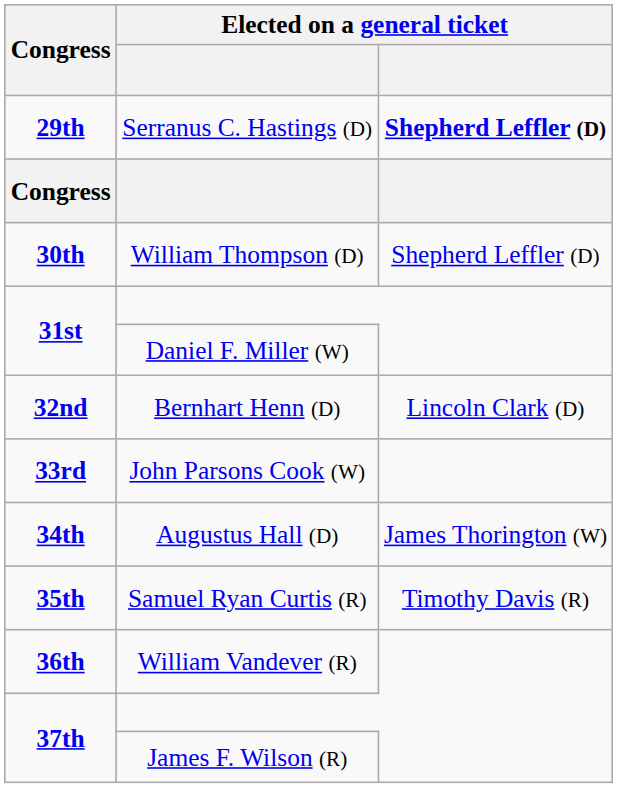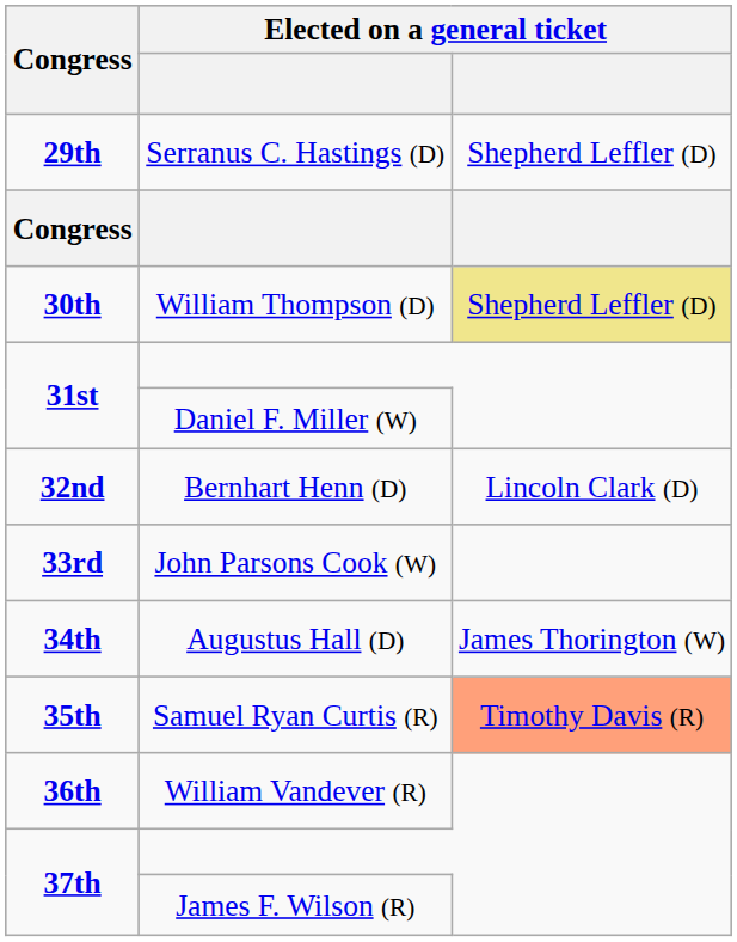 <table class=wikitable style="text-align:center">
 <tr>
 <th rowspan=2>Congress</th>
 <th colspan=2>Elected on a <a href='#'>general ticket</a></th>
 </tr>
 <tr style="height:2em">
 <th></th>
 <th></th>
 </tr>
 <tr style="height:2.5em">
 <td><strong><a href='#'>29th</a></strong> </td>
 <td><a href='#'>Serranus C. Hastings</a> <small>(D)</small></td>
-<td><strong><a href='#'>Shepherd Leffler</a> <small>(D)</small></strong></td>
+<td><a href='#'>Shepherd Leffler</a> <small>(D)</small></td>
 </tr>
 <tr style="height:2.5em">
 <th>Congress</th>
 <th></th>
 <th></th>
 </tr>
 <tr style="height:2.5em">
 <td><strong><a href='#'>30th</a></strong> </td>
 <td><a href='#'>William Thompson</a> <small>(D)</small></td>
-<td><a href='#'>Shepherd Leffler</a> <small>(D)</small></td>
+<td style="background: khaki;"><a href='#'>Shepherd Leffler</a> <small>(D)</small></td>
 </tr>
 <tr style="height:1.5em">
 <td rowspan=2><strong><a href='#'>31st</a></strong> </td>
 </tr>
 <tr style="height:2em">
 <td><a href='#'>Daniel F. Miller</a> <small>(W)</small></td>
 </tr>
 <tr style="height:2.5em">
 <td><strong><a href='#'>32nd</a></strong> </td>
 <td><a href='#'>Bernhart Henn</a> <small>(D)</small></td>
 <td><a href='#'>Lincoln Clark</a> <small>(D)</small></td>
 </tr>
 <tr style="height:2.5em">
 <td><strong><a href='#'>33rd</a></strong> </td>
 <td><a href='#'>John Parsons Cook</a> <small>(W)</small></td>
 </tr>
 <tr style="height:2.5em">
 <td><strong><a href='#'>34th</a></strong> </td>
 <td><a href='#'>Augustus Hall</a> <small>(D)</small></td>
 <td><a href='#'>James Thorington</a> <small>(W)</small></td>
 </tr>
 <tr style="height:2.5em">
 <td><strong><a href='#'>35th</a></strong> </td>
 <td><a href='#'>Samuel Ryan Curtis</a> <small>(R)</small></td>
-<td><a href='#'>Timothy Davis</a> <small>(R)</small></td>
+<td style="background: lightsalmon;"><a href='#'>Timothy Davis</a> <small>(R)</small></td>
 </tr>
 <tr style="height:2.5em">
 <td><strong><a href='#'>36th</a></strong> </td>
 <td><a href='#'>William Vandever</a> <small>(R)</small></td>
 </tr>
 <tr style="height:1.5em">
 <td rowspan=2><strong><a href='#'>37th</a></strong> </td>
 </tr>
 <tr style="height:2em">
 <td><a href='#'>James F. Wilson</a> <small>(R)</small></td>
 </tr>
 </table>
